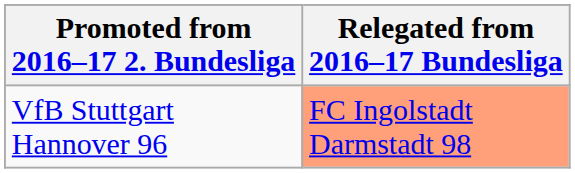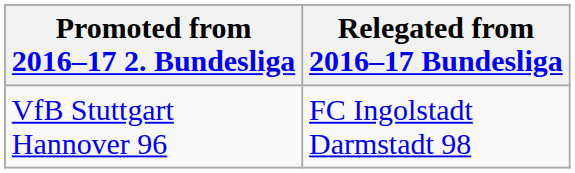 <table class="wikitable">
 <tr>
 <th>Promoted from<br><a href='#'>2016–17 2. Bundesliga</a></th>
 <th>Relegated from<br><a href='#'>2016–17 Bundesliga</a></th>
 </tr>
 <tr>
 <td><a href='#'>VfB Stuttgart</a><br><a href='#'>Hannover 96</a></td>
-<td style="background: lightsalmon;"><a href='#'>FC Ingolstadt</a><br><a href='#'>Darmstadt 98</a></td>
+<td><a href='#'>FC Ingolstadt</a><br><a href='#'>Darmstadt 98</a></td>
 </tr>
 </table>
